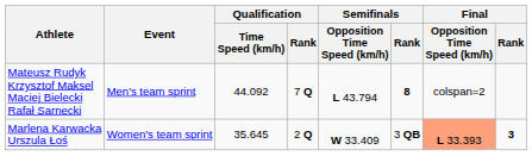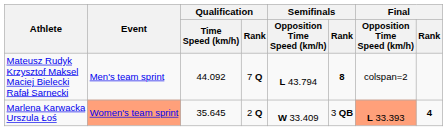 <table class="wikitable" style="font-size:90%">
 <tr>
 <th rowspan="2">Athlete</th>
 <th rowspan="2">Event</th>
 <th colspan=2>Qualification</th>
 <th colspan=2>Semifinals</th>
 <th colspan=2>Final</th>
 </tr>
 <tr style="font-size:95%">
 <th>Time<br>Speed (km/h)</th>
 <th>Rank</th>
 <th>Opposition<br>Time<br>Speed (km/h)</th>
 <th>Rank</th>
 <th>Opposition<br>Time<br>Speed (km/h)</th>
 <th>Rank</th>
 </tr>
 <tr align=center>
 <td align=left><a href='#'>Mateusz Rudyk</a><br><a href='#'>Krzysztof Maksel</a><br><a href='#'>Maciej Bielecki</a><br><a href='#'>Rafał Sarnecki</a></td>
 <td align=left><a href='#'>Men's team sprint</a></td>
 <td>44.092</td>
 <td>7 <strong>Q</strong></td>
 <td><br><strong>L</strong> 43.794</td>
 <td><strong>8</strong></td>
 <td>colspan=2 </td>
 </tr>
 <tr align=center>
 <td align=left><a href='#'>Marlena Karwacka</a><br><a href='#'>Urszula Łoś</a></td>
-<td align=left><a href='#'>Women's team sprint</a></td>
+<td align=left style="background: lightsalmon;"><a href='#'>Women's team sprint</a></td>
 <td>35.645</td>
 <td>2 <strong>Q</strong></td>
 <td><br><strong>W</strong> 33.409</td>
 <td>3 <strong>QB</strong></td>
 <td style="background: lightsalmon;"><br><strong>L</strong> 33.393</td>
-<td><strong>3</strong></td>
+<td><strong>4</strong></td>
 </tr>
 </table>
